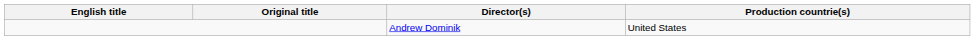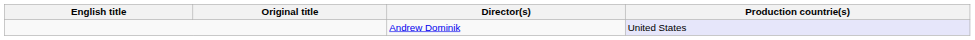 <table class="sortable wikitable" style="width:100%; margin-bottom:4px" cellpadding="5">
 <tr>
 <th scope="col">English title</th>
 <th scope="col">Original title</th>
 <th scope="col">Director(s)</th>
 <th scope="col">Production countrie(s)</th>
 </tr>
 <tr>
 <td colspan = "2"></td>
 <td><a href='#'>Andrew Dominik</a></td>
-<td>United States</td>
+<td style="background: lavender;">United States</td>
 </tr>
 </table>
